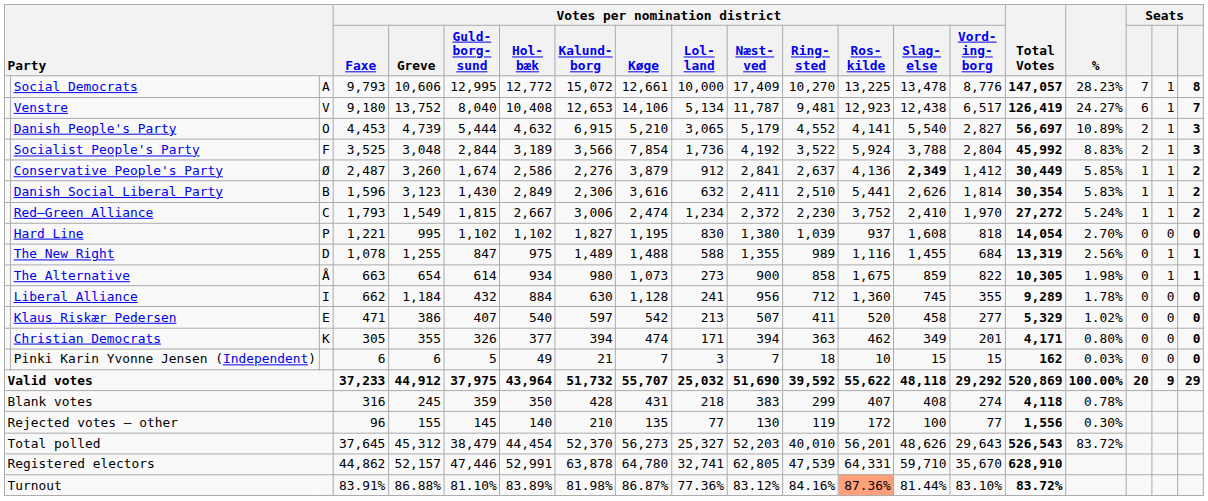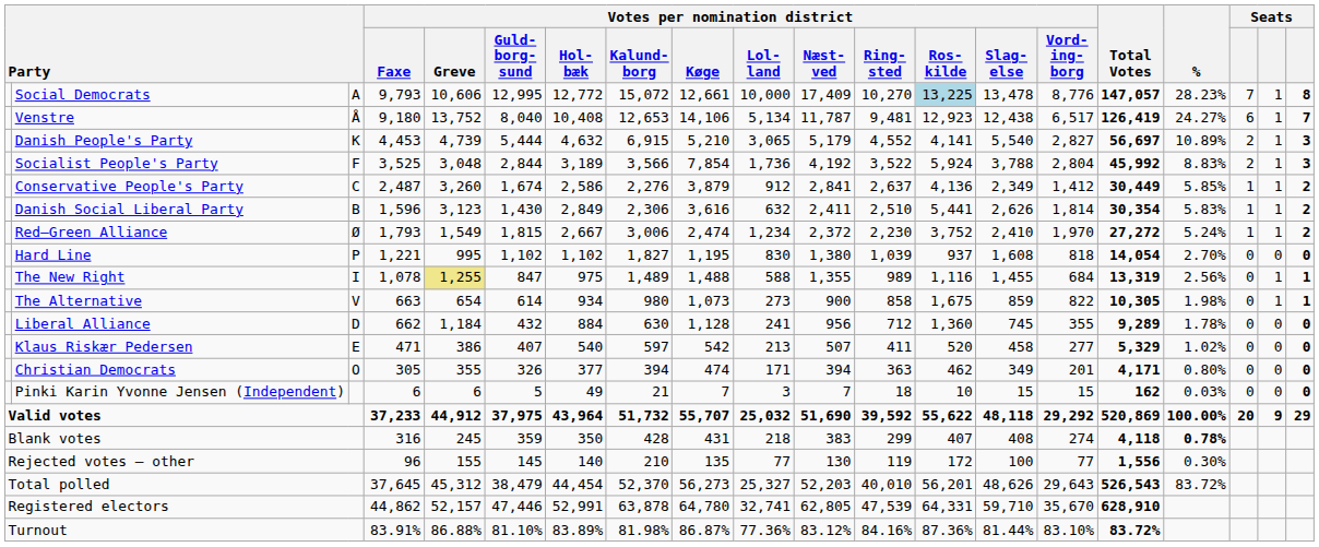 <table class="wikitable" border="1" style="text-align:right;">
 <tr>
 <th style="text-align:left;" valign=bottom rowspan=2 colspan=3>Party</th>
 <th colspan=12>Votes per nomination district</th>
 <th align=center valign=bottom rowspan=2 width="50">Total Votes</th>
 <th align=center valign=bottom rowspan=2 width="50">%</th>
 <th colspan=3>Seats</th>
 </tr>
 <tr>
 <th align=center valign=bottom width="50"><a href='#'>Faxe</a></th>
 <th align=center valign=bottom width="50">Greve</th>
 <th align=center valign=bottom width="50"><a href='#'>Guld- borg- sund</a></th>
 <th align=center valign=bottom width="50"><a href='#'>Hol- bæk</a></th>
 <th align=center valign=bottom width="50"><a href='#'>Kalund- borg</a></th>
 <th align=center valign=bottom width="50"><a href='#'>Køge</a></th>
 <th align=center valign=bottom width="50"><a href='#'>Lol- land</a></th>
 <th align=center valign=bottom width="50"><a href='#'>Næst- ved</a></th>
 <th align=center valign=bottom width="50"><a href='#'>Ring- sted</a></th>
 <th align=center valign=bottom width="50"><a href='#'>Ros- kilde</a></th>
 <th align=center valign=bottom width="50"><a href='#'>Slag- else</a></th>
 <th align=center valign=bottom width="50"><a href='#'>Vord- ing- borg</a></th>
 <th align=center valign=bottom width="20"><small></small></th>
 <th align=center valign=bottom width="20"><small><a href='#'></a></small></th>
 <th align=center valign=bottom width="20"><small></small></th>
 </tr>
 <tr>
 <td></td>
 <td align=left><a href='#'>Social Democrats</a></td>
 <td align=left>A</td>
 <td>9,793</td>
 <td>10,606</td>
 <td>12,995</td>
 <td>12,772</td>
 <td>15,072</td>
 <td>12,661</td>
 <td>10,000</td>
 <td>17,409</td>
 <td>10,270</td>
-<td>13,225</td>
+<td style="background: lightblue;">13,225</td>
 <td>13,478</td>
 <td>8,776</td>
 <td><strong>147,057</strong></td>
 <td>28.23%</td>
 <td>7</td>
 <td>1</td>
 <td><strong>8</strong></td>
 </tr>
 <tr>
 <td></td>
 <td align=left><a href='#'>Venstre</a></td>
-<td align=left>V</td>
+<td align=left>Å</td>
 <td>9,180</td>
 <td>13,752</td>
 <td>8,040</td>
 <td>10,408</td>
 <td>12,653</td>
 <td>14,106</td>
 <td>5,134</td>
 <td>11,787</td>
 <td>9,481</td>
 <td>12,923</td>
 <td>12,438</td>
 <td>6,517</td>
 <td><strong>126,419</strong></td>
 <td>24.27%</td>
 <td>6</td>
 <td>1</td>
 <td><strong>7</strong></td>
 </tr>
 <tr>
 <td></td>
 <td align=left><a href='#'>Danish People's Party</a></td>
-<td align=left>O</td>
+<td align=left>K</td>
 <td>4,453</td>
 <td>4,739</td>
 <td>5,444</td>
 <td>4,632</td>
 <td>6,915</td>
 <td>5,210</td>
 <td>3,065</td>
 <td>5,179</td>
 <td>4,552</td>
 <td>4,141</td>
 <td>5,540</td>
 <td>2,827</td>
 <td><strong>56,697</strong></td>
 <td>10.89%</td>
 <td>2</td>
 <td>1</td>
 <td><strong>3</strong></td>
 </tr>
 <tr>
 <td></td>
 <td align=left><a href='#'>Socialist People's Party</a></td>
 <td align=left>F</td>
 <td>3,525</td>
 <td>3,048</td>
 <td>2,844</td>
 <td>3,189</td>
 <td>3,566</td>
 <td>7,854</td>
 <td>1,736</td>
 <td>4,192</td>
 <td>3,522</td>
 <td>5,924</td>
 <td>3,788</td>
 <td>2,804</td>
 <td><strong>45,992</strong></td>
 <td>8.83%</td>
 <td>2</td>
 <td>1</td>
 <td><strong>3</strong></td>
 </tr>
 <tr>
 <td></td>
 <td align=left style="white-space: nowrap;"><a href='#'>Conservative People's Party</a></td>
-<td align=left>Ø</td>
+<td align=left>C</td>
 <td>2,487</td>
 <td>3,260</td>
 <td>1,674</td>
 <td>2,586</td>
 <td>2,276</td>
 <td>3,879</td>
 <td>912</td>
 <td>2,841</td>
 <td>2,637</td>
 <td>4,136</td>
-<td><strong>2,349</strong></td>
+<td>2,349</td>
 <td>1,412</td>
 <td><strong>30,449</strong></td>
 <td>5.85%</td>
 <td>1</td>
 <td>1</td>
 <td><strong>2</strong></td>
 </tr>
 <tr>
 <td></td>
 <td align=left><a href='#'>Danish Social Liberal Party</a></td>
 <td align=left>B</td>
 <td>1,596</td>
 <td>3,123</td>
 <td>1,430</td>
 <td>2,849</td>
 <td>2,306</td>
 <td>3,616</td>
 <td>632</td>
 <td>2,411</td>
 <td>2,510</td>
 <td>5,441</td>
 <td>2,626</td>
 <td>1,814</td>
 <td><strong>30,354</strong></td>
 <td>5.83%</td>
 <td>1</td>
 <td>1</td>
 <td><strong>2</strong></td>
 </tr>
 <tr>
 <td></td>
 <td align=left><a href='#'>Red–Green Alliance</a></td>
-<td align=left>C</td>
+<td align=left>Ø</td>
 <td>1,793</td>
 <td>1,549</td>
 <td>1,815</td>
 <td>2,667</td>
 <td>3,006</td>
 <td>2,474</td>
 <td>1,234</td>
 <td>2,372</td>
 <td>2,230</td>
 <td>3,752</td>
 <td>2,410</td>
 <td>1,970</td>
 <td><strong>27,272</strong></td>
 <td>5.24%</td>
 <td>1</td>
 <td>1</td>
 <td><strong>2</strong></td>
 </tr>
 <tr>
 <td></td>
 <td align=left><a href='#'>Hard Line</a></td>
 <td align=left>P</td>
 <td>1,221</td>
 <td>995</td>
 <td>1,102</td>
 <td>1,102</td>
 <td>1,827</td>
 <td>1,195</td>
 <td>830</td>
 <td>1,380</td>
 <td>1,039</td>
 <td>937</td>
 <td>1,608</td>
 <td>818</td>
 <td><strong>14,054</strong></td>
 <td>2.70%</td>
 <td>0</td>
 <td>0</td>
 <td><strong>0</strong></td>
 </tr>
 <tr>
 <td></td>
 <td align=left><a href='#'>The New Right</a></td>
-<td align=left>D</td>
+<td align=left>I</td>
 <td>1,078</td>
-<td>1,255</td>
+<td style="background: khaki;">1,255</td>
 <td>847</td>
 <td>975</td>
 <td>1,489</td>
 <td>1,488</td>
 <td>588</td>
 <td>1,355</td>
 <td>989</td>
 <td>1,116</td>
 <td>1,455</td>
 <td>684</td>
 <td><strong>13,319</strong></td>
 <td>2.56%</td>
 <td>0</td>
 <td>1</td>
 <td><strong>1</strong></td>
 </tr>
 <tr>
 <td></td>
 <td align=left><a href='#'>The Alternative</a></td>
-<td align=left>Å</td>
+<td align=left>V</td>
 <td>663</td>
 <td>654</td>
 <td>614</td>
 <td>934</td>
 <td>980</td>
 <td>1,073</td>
 <td>273</td>
 <td>900</td>
 <td>858</td>
 <td>1,675</td>
 <td>859</td>
 <td>822</td>
 <td><strong>10,305</strong></td>
 <td>1.98%</td>
 <td>0</td>
 <td>1</td>
 <td><strong>1</strong></td>
 </tr>
 <tr>
 <td></td>
 <td align=left><a href='#'>Liberal Alliance</a></td>
-<td align=left>I</td>
+<td align=left>D</td>
 <td>662</td>
 <td>1,184</td>
 <td>432</td>
 <td>884</td>
 <td>630</td>
 <td>1,128</td>
 <td>241</td>
 <td>956</td>
 <td>712</td>
 <td>1,360</td>
 <td>745</td>
 <td>355</td>
 <td><strong>9,289</strong></td>
 <td>1.78%</td>
 <td>0</td>
 <td>0</td>
 <td><strong>0</strong></td>
 </tr>
 <tr>
 <td></td>
 <td align=left><a href='#'>Klaus Riskær Pedersen</a></td>
 <td align=left>E</td>
 <td>471</td>
 <td>386</td>
 <td>407</td>
 <td>540</td>
 <td>597</td>
 <td>542</td>
 <td>213</td>
 <td>507</td>
 <td>411</td>
 <td>520</td>
 <td>458</td>
 <td>277</td>
 <td><strong>5,329</strong></td>
 <td>1.02%</td>
 <td>0</td>
 <td>0</td>
 <td><strong>0</strong></td>
 </tr>
 <tr>
 <td></td>
 <td align=left><a href='#'>Christian Democrats</a></td>
-<td align=left>K</td>
+<td align=left>O</td>
 <td>305</td>
 <td>355</td>
 <td>326</td>
 <td>377</td>
 <td>394</td>
 <td>474</td>
 <td>171</td>
 <td>394</td>
 <td>363</td>
 <td>462</td>
 <td>349</td>
 <td>201</td>
 <td><strong>4,171</strong></td>
 <td>0.80%</td>
 <td>0</td>
 <td>0</td>
 <td><strong>0</strong></td>
 </tr>
 <tr>
 <td></td>
 <td align=left>Pinki Karin Yvonne Jensen (<a href='#'>Independent</a>)</td>
 <td></td>
 <td>6</td>
 <td>6</td>
 <td>5</td>
 <td>49</td>
 <td>21</td>
 <td>7</td>
 <td>3</td>
 <td>7</td>
 <td>18</td>
 <td>10</td>
 <td>15</td>
 <td>15</td>
 <td><strong>162</strong></td>
 <td>0.03%</td>
 <td>0</td>
 <td>0</td>
 <td><strong>0</strong></td>
 </tr>
 <tr style="font-weight:bold">
 <td align=left colspan=3>Valid votes</td>
 <td>37,233</td>
 <td>44,912</td>
 <td>37,975</td>
 <td>43,964</td>
 <td>51,732</td>
 <td>55,707</td>
 <td>25,032</td>
 <td>51,690</td>
 <td>39,592</td>
 <td>55,622</td>
 <td>48,118</td>
 <td>29,292</td>
 <td>520,869</td>
 <td>100.00%</td>
 <td>20</td>
 <td>9</td>
 <td>29</td>
 </tr>
 <tr>
 <td align=left colspan=3>Blank votes</td>
 <td>316</td>
 <td>245</td>
 <td>359</td>
 <td>350</td>
 <td>428</td>
 <td>431</td>
 <td>218</td>
 <td>383</td>
 <td>299</td>
 <td>407</td>
 <td>408</td>
 <td>274</td>
 <td><strong>4,118</strong></td>
-<td>0.78%</td>
+<td><strong>0.78%</strong></td>
 <td></td>
 <td></td>
 <td></td>
 </tr>
 <tr>
 <td align=left colspan=3>Rejected votes – other</td>
 <td>96</td>
 <td>155</td>
 <td>145</td>
 <td>140</td>
 <td>210</td>
 <td>135</td>
 <td>77</td>
 <td>130</td>
 <td>119</td>
 <td>172</td>
 <td>100</td>
 <td>77</td>
 <td><strong>1,556</strong></td>
 <td>0.30%</td>
 <td></td>
 <td></td>
 <td></td>
 </tr>
 <tr>
 <td align=left colspan=3>Total polled</td>
 <td>37,645</td>
 <td>45,312</td>
 <td>38,479</td>
 <td>44,454</td>
 <td>52,370</td>
 <td>56,273</td>
 <td>25,327</td>
 <td>52,203</td>
 <td>40,010</td>
 <td>56,201</td>
 <td>48,626</td>
 <td>29,643</td>
 <td><strong>526,543</strong></td>
 <td>83.72%</td>
 <td></td>
 <td></td>
 <td></td>
 </tr>
 <tr>
 <td align=left colspan=3>Registered electors</td>
 <td>44,862</td>
 <td>52,157</td>
 <td>47,446</td>
 <td>52,991</td>
 <td>63,878</td>
 <td>64,780</td>
 <td>32,741</td>
 <td>62,805</td>
 <td>47,539</td>
 <td>64,331</td>
 <td>59,710</td>
 <td>35,670</td>
 <td><strong>628,910</strong></td>
 <td></td>
 <td></td>
 <td></td>
 <td></td>
 </tr>
 <tr>
 <td align=left colspan=3>Turnout</td>
 <td>83.91%</td>
 <td>86.88%</td>
 <td>81.10%</td>
 <td>83.89%</td>
 <td>81.98%</td>
 <td>86.87%</td>
 <td>77.36%</td>
 <td>83.12%</td>
 <td>84.16%</td>
-<td style="background: lightsalmon;">87.36%</td>
+<td>87.36%</td>
 <td>81.44%</td>
 <td>83.10%</td>
 <td><strong>83.72%</strong></td>
 <td></td>
 <td></td>
 <td></td>
 <td></td>
 </tr>
 </table>
